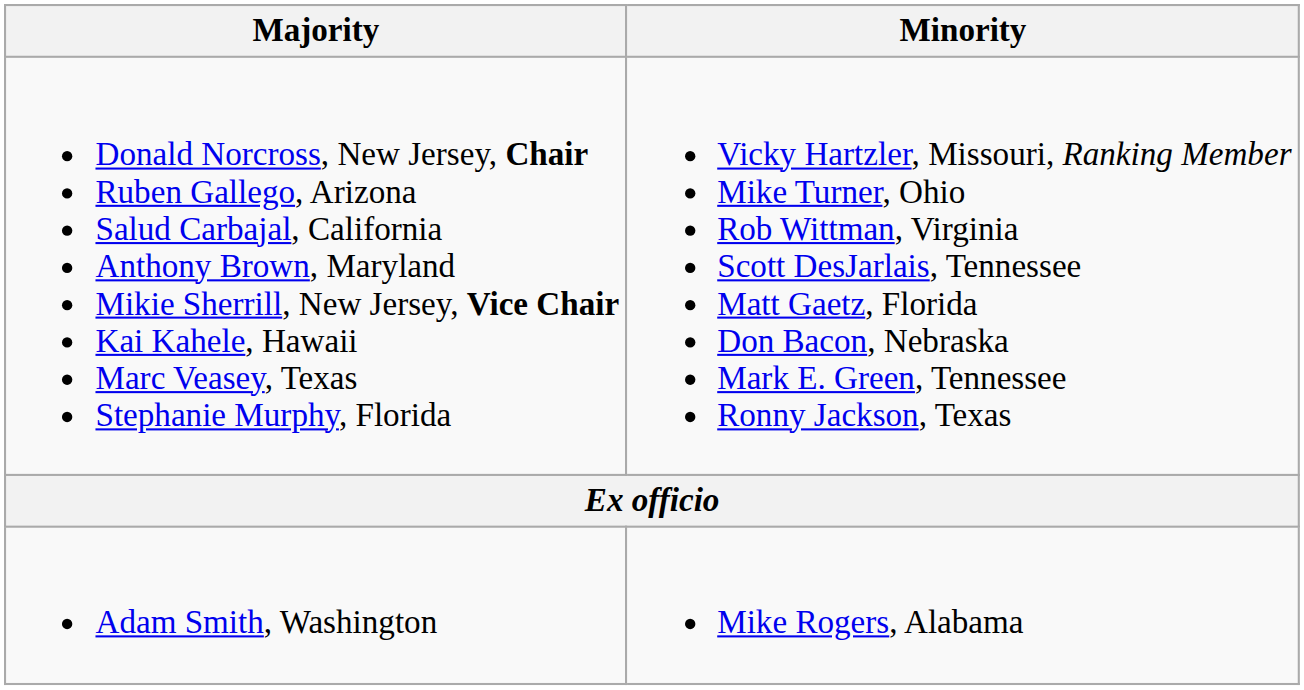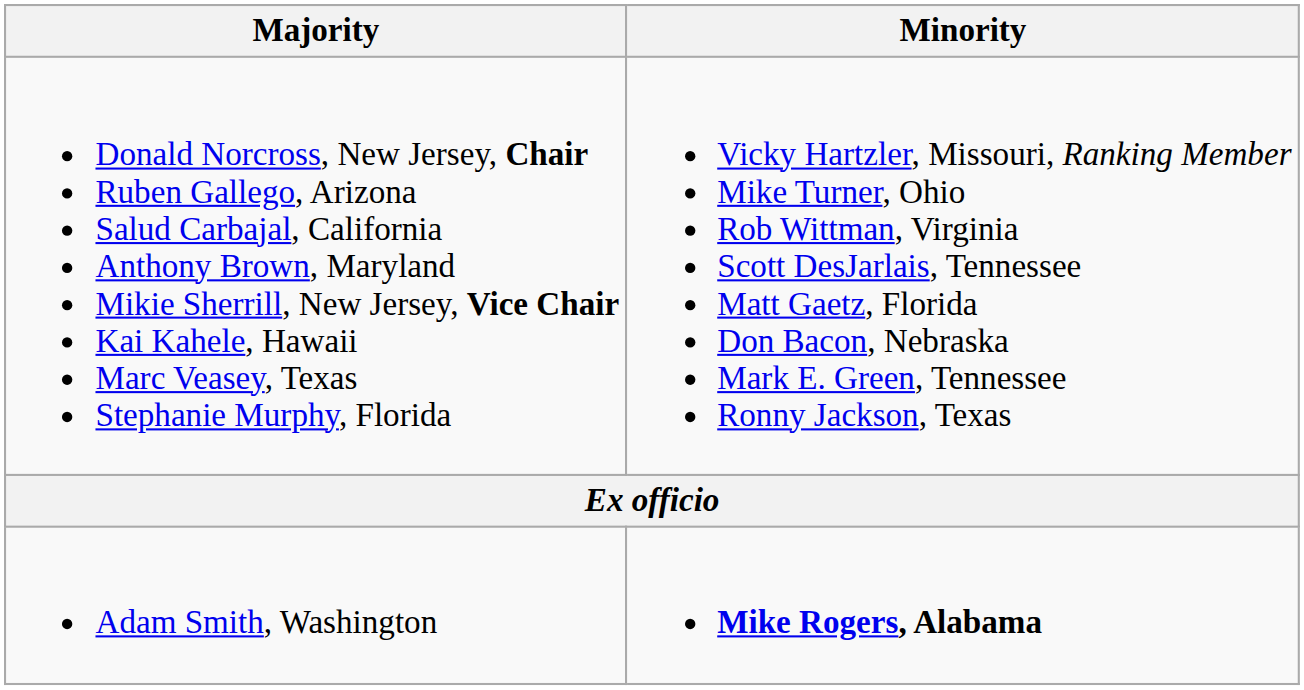 <table class=wikitable>
 <tr>
 <th>Majority</th>
 <th>Minority</th>
 </tr>
 <tr>
 <td><br><ul><li><a href='#'>Donald Norcross</a>, New Jersey, <strong>Chair</strong></li><li><a href='#'>Ruben Gallego</a>, Arizona</li><li><a href='#'>Salud Carbajal</a>, California</li><li><a href='#'>Anthony Brown</a>, Maryland</li><li><a href='#'>Mikie Sherrill</a>, New Jersey, <strong>Vice Chair</strong></li><li><a href='#'>Kai Kahele</a>, Hawaii</li><li><a href='#'>Marc Veasey</a>, Texas</li><li><a href='#'>Stephanie Murphy</a>, Florida</li></ul></td>
 <td><br><ul><li><a href='#'>Vicky Hartzler</a>, Missouri, <em>Ranking Member</em></li><li><a href='#'>Mike Turner</a>, Ohio</li><li><a href='#'>Rob Wittman</a>, Virginia</li><li><a href='#'>Scott DesJarlais</a>, Tennessee</li><li><a href='#'>Matt Gaetz</a>, Florida</li><li><a href='#'>Don Bacon</a>, Nebraska</li><li><a href='#'>Mark E. Green</a>, Tennessee</li><li><a href='#'>Ronny Jackson</a>, Texas</li></ul></td>
 </tr>
 <tr>
 <th colspan=2><em>Ex officio</em></th>
 </tr>
 <tr>
 <td><br><ul><li><a href='#'>Adam Smith</a>, Washington</li></ul></td>
-<td><br><ul><li><a href='#'>Mike Rogers</a>, Alabama</li></ul></td>
+<td><strong><br><ul><li><a href='#'>Mike Rogers</a>, Alabama</li></ul></strong></td>
 </tr>
 </table>
